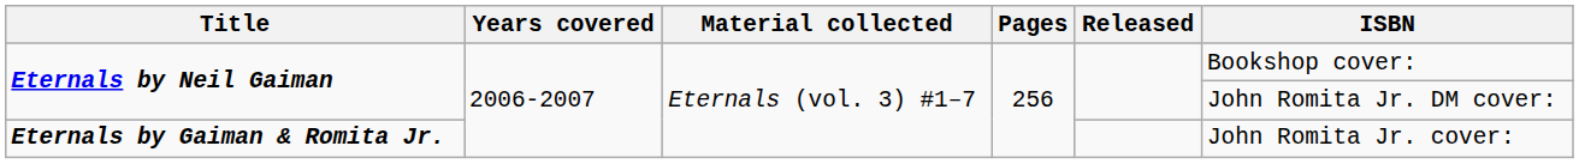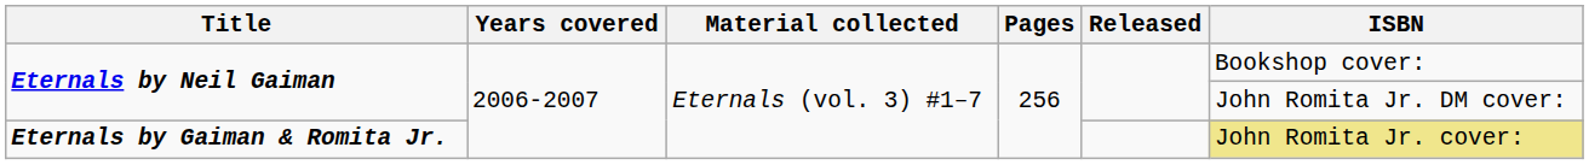 <table class="wikitable sortable" width=99%>
 <tr>
 <th>Title</th>
 <th>Years covered</th>
 <th class="unsortable">Material collected</th>
 <th>Pages</th>
 <th>Released</th>
 <th class="unsortable">ISBN</th>
 </tr>
 <tr>
 <td rowspan="2"><strong><em><a href='#'>Eternals</a> by Neil Gaiman</em></strong></td>
 <td rowspan="3">2006-2007</td>
 <td rowspan="3"><em>Eternals</em> (vol. 3) #1–7</td>
 <td style="text-align: center;" rowspan=3>256</td>
 <td rowspan="2"></td>
 <td>Bookshop cover: </td>
 </tr>
 <tr>
 <td>John Romita Jr. DM cover: </td>
 </tr>
 <tr>
 <td><strong><em>Eternals by Gaiman & Romita Jr.</em></strong></td>
 <td></td>
-<td>John Romita Jr. cover: </td>
+<td style="background: khaki;">John Romita Jr. cover: </td>
 </tr>
 </table>
